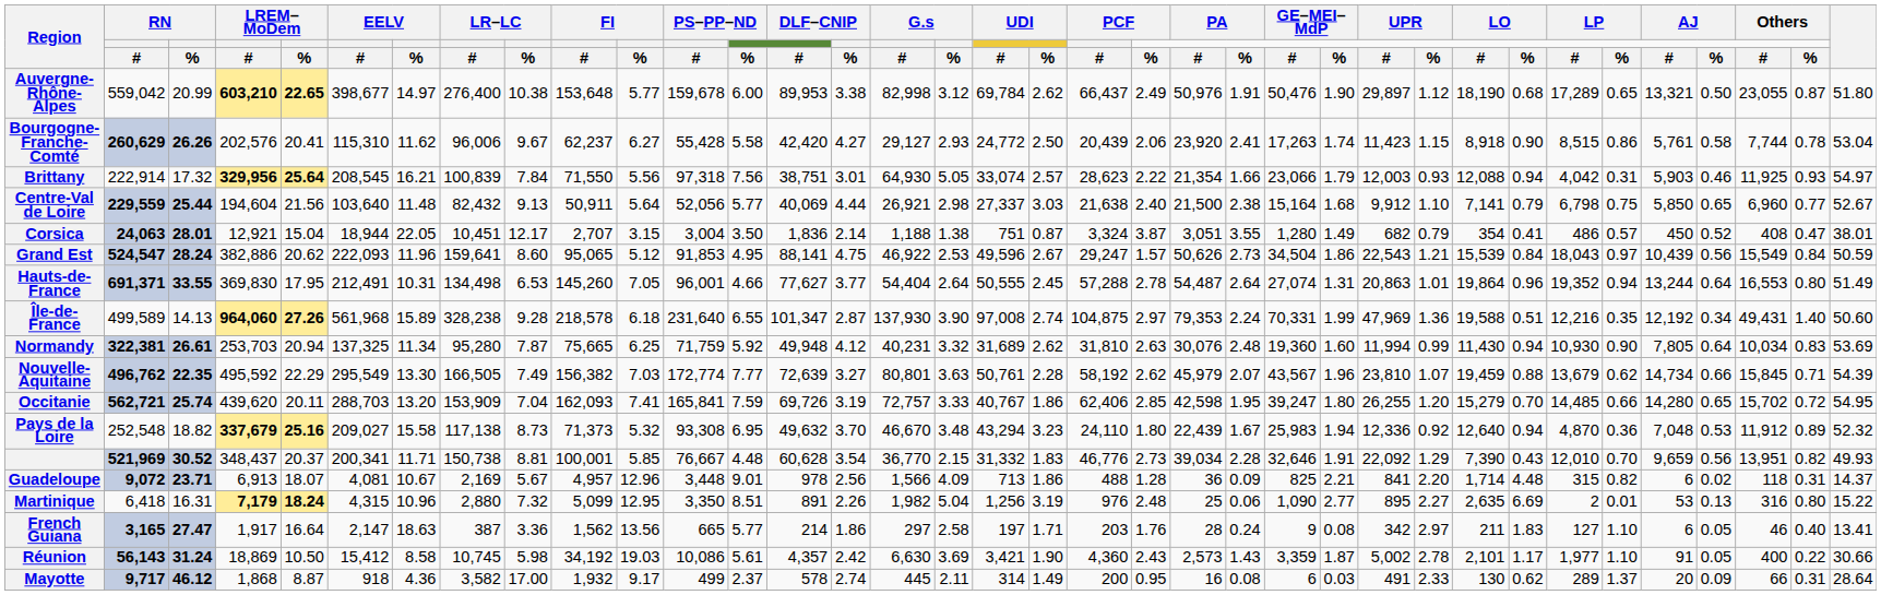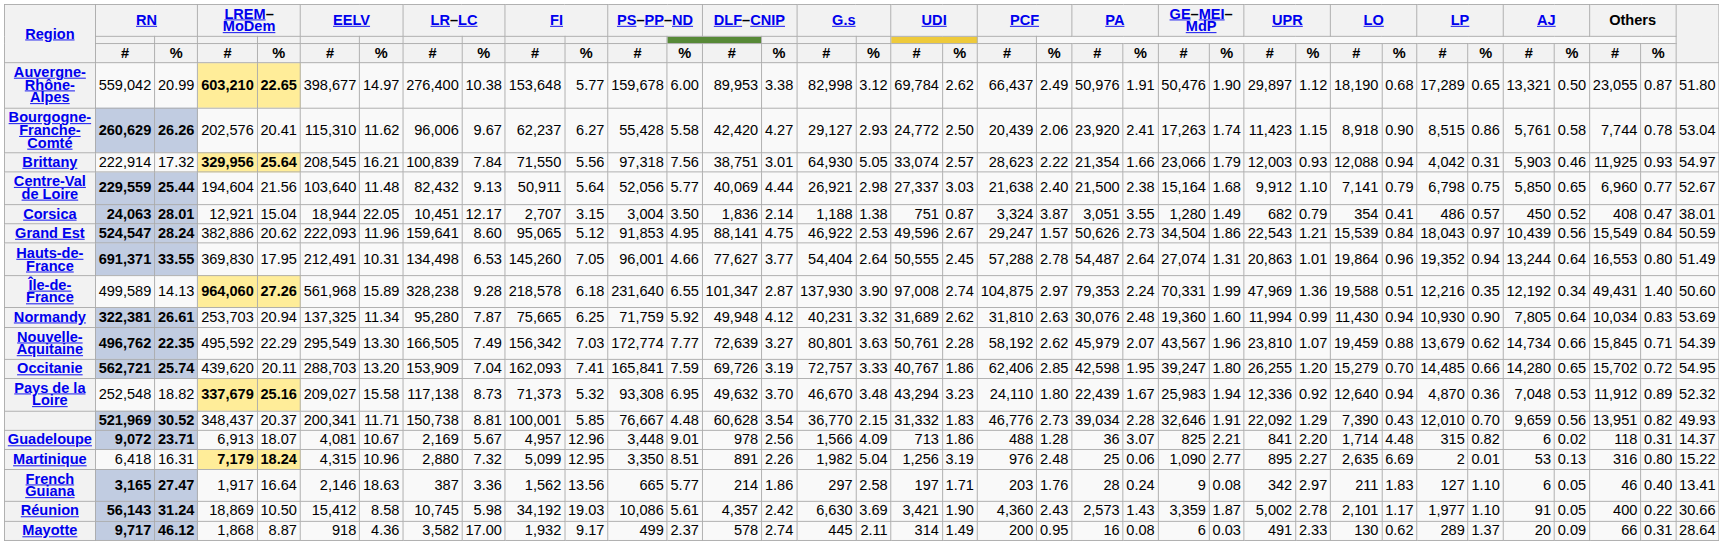 <table class="wikitable sortable collapsible" style="text-align: right; line-height: 14px">
 <tr>
 <th rowspan="3"><a href='#'>Region</a></th>
 <th colspan="2"><a href='#'>RN</a></th>
 <th colspan="2"><a href='#'>LREM</a>–<a href='#'>MoDem</a></th>
 <th colspan="2"><a href='#'>EELV</a></th>
 <th colspan="2"><a href='#'>LR</a>–<a href='#'>LC</a></th>
 <th colspan="2"><a href='#'>FI</a></th>
 <th colspan="2"><a href='#'>PS</a>–<a href='#'>PP</a>–<a href='#'>ND</a></th>
 <th colspan="2"><a href='#'>DLF</a>–<a href='#'>CNIP</a></th>
 <th colspan="2"><a href='#'>G.s</a></th>
 <th colspan="2"><a href='#'>UDI</a></th>
 <th colspan="2"><a href='#'>PCF</a></th>
 <th colspan="2"><a href='#'>PA</a></th>
 <th colspan="2"><a href='#'>GE</a>–<a href='#'>MEI</a>–<a href='#'>MdP</a></th>
 <th colspan="2"><a href='#'>UPR</a></th>
 <th colspan="2"><a href='#'>LO</a></th>
 <th colspan="2"><a href='#'>LP</a></th>
 <th colspan="2"><a href='#'>AJ</a></th>
 <th colspan="2">Others</th>
 <th rowspan="3"></th>
 </tr>
 <tr>
 <th style="background:"></th>
 <th style="background:"></th>
 <th style="background:"></th>
 <th style="background:"></th>
 <th style="background:"></th>
 <th style="background:"></th>
 <th style="background:"></th>
 <th style="background:"></th>
 <th style="background:"></th>
 <th style="background:"></th>
 <th style="background:"></th>
 <th style="background:#578937;" colspan="2"></th>
 <th style="background:"></th>
 <th style="background:"></th>
 <th style="background:"></th>
 <th style="background:#EECA3B;" colspan="2"></th>
 <th style="background:"></th>
 </tr>
 <tr>
 <th>#</th>
 <th>%</th>
 <th>#</th>
 <th>%</th>
 <th>#</th>
 <th>%</th>
 <th>#</th>
 <th>%</th>
 <th>#</th>
 <th>%</th>
 <th>#</th>
 <th>%</th>
 <th>#</th>
 <th>%</th>
 <th>#</th>
 <th>%</th>
 <th>#</th>
 <th>%</th>
 <th>#</th>
 <th>%</th>
 <th>#</th>
 <th>%</th>
 <th>#</th>
 <th>%</th>
 <th>#</th>
 <th>%</th>
 <th>#</th>
 <th>%</th>
 <th>#</th>
 <th>%</th>
 <th>#</th>
 <th>%</th>
 <th>#</th>
 <th>%</th>
 </tr>
 <tr>
 <th><a href='#'>Auvergne-Rhône-Alpes</a></th>
 <td>559,042</td>
 <td>20.99</td>
 <td style="background:#FFED99;"><strong>603,210</strong></td>
 <td style="background:#FFED99;"><strong>22.65</strong></td>
 <td>398,677</td>
 <td>14.97</td>
 <td>276,400</td>
 <td>10.38</td>
 <td>153,648</td>
 <td>5.77</td>
 <td>159,678</td>
 <td>6.00</td>
 <td>89,953</td>
 <td>3.38</td>
 <td>82,998</td>
 <td>3.12</td>
 <td>69,784</td>
 <td>2.62</td>
 <td>66,437</td>
 <td>2.49</td>
 <td>50,976</td>
 <td>1.91</td>
 <td>50,476</td>
 <td>1.90</td>
 <td>29,897</td>
 <td>1.12</td>
 <td>18,190</td>
 <td>0.68</td>
 <td>17,289</td>
 <td>0.65</td>
 <td>13,321</td>
 <td>0.50</td>
 <td>23,055</td>
 <td>0.87</td>
 <td>51.80</td>
 </tr>
 <tr>
 <th><a href='#'>Bourgogne-Franche-Comté</a></th>
 <td style="background:#C1CCE1;"><strong>260,629</strong></td>
 <td style="background:#C1CCE1;"><strong>26.26</strong></td>
 <td>202,576</td>
 <td>20.41</td>
 <td>115,310</td>
 <td>11.62</td>
 <td>96,006</td>
 <td>9.67</td>
 <td>62,237</td>
 <td>6.27</td>
 <td>55,428</td>
 <td>5.58</td>
 <td>42,420</td>
 <td>4.27</td>
 <td>29,127</td>
 <td>2.93</td>
 <td>24,772</td>
 <td>2.50</td>
 <td>20,439</td>
 <td>2.06</td>
 <td>23,920</td>
 <td>2.41</td>
 <td>17,263</td>
 <td>1.74</td>
 <td>11,423</td>
 <td>1.15</td>
 <td>8,918</td>
 <td>0.90</td>
 <td>8,515</td>
 <td>0.86</td>
 <td>5,761</td>
 <td>0.58</td>
 <td>7,744</td>
 <td>0.78</td>
 <td>53.04</td>
 </tr>
 <tr>
 <th><a href='#'>Brittany</a></th>
 <td>222,914</td>
 <td>17.32</td>
 <td style="background:#FFED99;"><strong>329,956</strong></td>
 <td style="background:#FFED99;"><strong>25.64</strong></td>
 <td>208,545</td>
 <td>16.21</td>
 <td>100,839</td>
 <td>7.84</td>
 <td>71,550</td>
 <td>5.56</td>
 <td>97,318</td>
 <td>7.56</td>
 <td>38,751</td>
 <td>3.01</td>
 <td>64,930</td>
 <td>5.05</td>
 <td>33,074</td>
 <td>2.57</td>
 <td>28,623</td>
 <td>2.22</td>
 <td>21,354</td>
 <td>1.66</td>
 <td>23,066</td>
 <td>1.79</td>
 <td>12,003</td>
 <td>0.93</td>
 <td>12,088</td>
 <td>0.94</td>
 <td>4,042</td>
 <td>0.31</td>
 <td>5,903</td>
 <td>0.46</td>
 <td>11,925</td>
 <td>0.93</td>
 <td>54.97</td>
 </tr>
 <tr>
 <th><a href='#'>Centre-Val de Loire</a></th>
 <td style="background:#C1CCE1;"><strong>229,559</strong></td>
 <td style="background:#C1CCE1;"><strong>25.44</strong></td>
 <td>194,604</td>
 <td>21.56</td>
 <td>103,640</td>
 <td>11.48</td>
 <td>82,432</td>
 <td>9.13</td>
 <td>50,911</td>
 <td>5.64</td>
 <td>52,056</td>
 <td>5.77</td>
 <td>40,069</td>
 <td>4.44</td>
 <td>26,921</td>
 <td>2.98</td>
 <td>27,337</td>
 <td>3.03</td>
 <td>21,638</td>
 <td>2.40</td>
 <td>21,500</td>
 <td>2.38</td>
 <td>15,164</td>
 <td>1.68</td>
 <td>9,912</td>
 <td>1.10</td>
 <td>7,141</td>
 <td>0.79</td>
 <td>6,798</td>
 <td>0.75</td>
 <td>5,850</td>
 <td>0.65</td>
 <td>6,960</td>
 <td>0.77</td>
 <td>52.67</td>
 </tr>
 <tr>
 <th><a href='#'>Corsica</a></th>
 <td style="background:#C1CCE1;"><strong>24,063</strong></td>
 <td style="background:#C1CCE1;"><strong>28.01</strong></td>
 <td>12,921</td>
 <td>15.04</td>
 <td>18,944</td>
 <td>22.05</td>
 <td>10,451</td>
 <td>12.17</td>
 <td>2,707</td>
 <td>3.15</td>
 <td>3,004</td>
 <td>3.50</td>
 <td>1,836</td>
 <td>2.14</td>
 <td>1,188</td>
 <td>1.38</td>
 <td>751</td>
 <td>0.87</td>
 <td>3,324</td>
 <td>3.87</td>
 <td>3,051</td>
 <td>3.55</td>
 <td>1,280</td>
 <td>1.49</td>
 <td>682</td>
 <td>0.79</td>
 <td>354</td>
 <td>0.41</td>
 <td>486</td>
 <td>0.57</td>
 <td>450</td>
 <td>0.52</td>
 <td>408</td>
 <td>0.47</td>
 <td>38.01</td>
 </tr>
 <tr>
 <th><a href='#'>Grand Est</a></th>
 <td style="background:#C1CCE1;"><strong>524,547</strong></td>
 <td style="background:#C1CCE1;"><strong>28.24</strong></td>
 <td>382,886</td>
 <td>20.62</td>
 <td>222,093</td>
 <td>11.96</td>
 <td>159,641</td>
 <td>8.60</td>
 <td>95,065</td>
 <td>5.12</td>
 <td>91,853</td>
 <td>4.95</td>
 <td>88,141</td>
 <td>4.75</td>
 <td>46,922</td>
 <td>2.53</td>
 <td>49,596</td>
 <td>2.67</td>
 <td>29,247</td>
 <td>1.57</td>
 <td>50,626</td>
 <td>2.73</td>
 <td>34,504</td>
 <td>1.86</td>
 <td>22,543</td>
 <td>1.21</td>
 <td>15,539</td>
 <td>0.84</td>
 <td>18,043</td>
 <td>0.97</td>
 <td>10,439</td>
 <td>0.56</td>
 <td>15,549</td>
 <td>0.84</td>
 <td>50.59</td>
 </tr>
 <tr>
 <th><a href='#'>Hauts-de-France</a></th>
 <td style="background:#C1CCE1;"><strong>691,371</strong></td>
 <td style="background:#C1CCE1;"><strong>33.55</strong></td>
 <td>369,830</td>
 <td>17.95</td>
 <td>212,491</td>
 <td>10.31</td>
 <td>134,498</td>
 <td>6.53</td>
 <td>145,260</td>
 <td>7.05</td>
 <td>96,001</td>
 <td>4.66</td>
 <td>77,627</td>
 <td>3.77</td>
 <td>54,404</td>
 <td>2.64</td>
 <td>50,555</td>
 <td>2.45</td>
 <td>57,288</td>
 <td>2.78</td>
 <td>54,487</td>
 <td>2.64</td>
 <td>27,074</td>
 <td>1.31</td>
 <td>20,863</td>
 <td>1.01</td>
 <td>19,864</td>
 <td>0.96</td>
 <td>19,352</td>
 <td>0.94</td>
 <td>13,244</td>
 <td>0.64</td>
 <td>16,553</td>
 <td>0.80</td>
 <td>51.49</td>
 </tr>
 <tr>
 <th><a href='#'>Île-de-France</a></th>
 <td>499,589</td>
 <td>14.13</td>
 <td style="background:#FFED99;"><strong>964,060</strong></td>
 <td style="background:#FFED99;"><strong>27.26</strong></td>
 <td>561,968</td>
 <td>15.89</td>
 <td>328,238</td>
 <td>9.28</td>
 <td>218,578</td>
 <td>6.18</td>
 <td>231,640</td>
 <td>6.55</td>
 <td>101,347</td>
 <td>2.87</td>
 <td>137,930</td>
 <td>3.90</td>
 <td>97,008</td>
 <td>2.74</td>
 <td>104,875</td>
 <td>2.97</td>
 <td>79,353</td>
 <td>2.24</td>
 <td>70,331</td>
 <td>1.99</td>
 <td>47,969</td>
 <td>1.36</td>
 <td>19,588</td>
 <td>0.51</td>
 <td>12,216</td>
 <td>0.35</td>
 <td>12,192</td>
 <td>0.34</td>
 <td>49,431</td>
 <td>1.40</td>
 <td>50.60</td>
 </tr>
 <tr>
 <th><a href='#'>Normandy</a></th>
 <td style="background:#C1CCE1;"><strong>322,381</strong></td>
 <td style="background:#C1CCE1;"><strong>26.61</strong></td>
 <td>253,703</td>
 <td>20.94</td>
 <td>137,325</td>
 <td>11.34</td>
 <td>95,280</td>
 <td>7.87</td>
 <td>75,665</td>
 <td>6.25</td>
 <td>71,759</td>
 <td>5.92</td>
 <td>49,948</td>
 <td>4.12</td>
 <td>40,231</td>
 <td>3.32</td>
 <td>31,689</td>
 <td>2.62</td>
 <td>31,810</td>
 <td>2.63</td>
 <td>30,076</td>
 <td>2.48</td>
 <td>19,360</td>
 <td>1.60</td>
 <td>11,994</td>
 <td>0.99</td>
 <td>11,430</td>
 <td>0.94</td>
 <td>10,930</td>
 <td>0.90</td>
 <td>7,805</td>
 <td>0.64</td>
 <td>10,034</td>
 <td>0.83</td>
 <td>53.69</td>
 </tr>
 <tr>
 <th><a href='#'>Nouvelle-Aquitaine</a></th>
 <td style="background:#C1CCE1;"><strong>496,762</strong></td>
 <td style="background:#C1CCE1;"><strong>22.35</strong></td>
 <td>495,592</td>
 <td>22.29</td>
 <td>295,549</td>
 <td>13.30</td>
 <td>166,505</td>
 <td>7.49</td>
-<td>156,382</td>
+<td>156,342</td>
 <td>7.03</td>
 <td>172,774</td>
 <td>7.77</td>
 <td>72,639</td>
 <td>3.27</td>
 <td>80,801</td>
 <td>3.63</td>
 <td>50,761</td>
 <td>2.28</td>
 <td>58,192</td>
 <td>2.62</td>
 <td>45,979</td>
 <td>2.07</td>
 <td>43,567</td>
 <td>1.96</td>
 <td>23,810</td>
 <td>1.07</td>
 <td>19,459</td>
 <td>0.88</td>
 <td>13,679</td>
 <td>0.62</td>
 <td>14,734</td>
 <td>0.66</td>
 <td>15,845</td>
 <td>0.71</td>
 <td>54.39</td>
 </tr>
 <tr>
 <th><a href='#'>Occitanie</a></th>
 <td style="background:#C1CCE1;"><strong>562,721</strong></td>
 <td style="background:#C1CCE1;"><strong>25.74</strong></td>
 <td>439,620</td>
 <td>20.11</td>
 <td>288,703</td>
 <td>13.20</td>
 <td>153,909</td>
 <td>7.04</td>
 <td>162,093</td>
 <td>7.41</td>
 <td>165,841</td>
 <td>7.59</td>
 <td>69,726</td>
 <td>3.19</td>
 <td>72,757</td>
 <td>3.33</td>
 <td>40,767</td>
 <td>1.86</td>
 <td>62,406</td>
 <td>2.85</td>
 <td>42,598</td>
 <td>1.95</td>
 <td>39,247</td>
 <td>1.80</td>
 <td>26,255</td>
 <td>1.20</td>
 <td>15,279</td>
 <td>0.70</td>
 <td>14,485</td>
 <td>0.66</td>
 <td>14,280</td>
 <td>0.65</td>
 <td>15,702</td>
 <td>0.72</td>
 <td>54.95</td>
 </tr>
 <tr>
 <th><a href='#'>Pays de la Loire</a></th>
 <td>252,548</td>
 <td>18.82</td>
 <td style="background:#FFED99;"><strong>337,679</strong></td>
 <td style="background:#FFED99;"><strong>25.16</strong></td>
 <td>209,027</td>
 <td>15.58</td>
 <td>117,138</td>
 <td>8.73</td>
 <td>71,373</td>
 <td>5.32</td>
 <td>93,308</td>
 <td>6.95</td>
 <td>49,632</td>
 <td>3.70</td>
 <td>46,670</td>
 <td>3.48</td>
 <td>43,294</td>
 <td>3.23</td>
 <td>24,110</td>
 <td>1.80</td>
 <td>22,439</td>
 <td>1.67</td>
 <td>25,983</td>
 <td>1.94</td>
 <td>12,336</td>
 <td>0.92</td>
 <td>12,640</td>
 <td>0.94</td>
 <td>4,870</td>
 <td>0.36</td>
 <td>7,048</td>
 <td>0.53</td>
 <td>11,912</td>
 <td>0.89</td>
 <td>52.32</td>
 </tr>
 <tr>
 <th></th>
 <td style="background:#C1CCE1;"><strong>521,969</strong></td>
 <td style="background:#C1CCE1;"><strong>30.52</strong></td>
 <td>348,437</td>
 <td>20.37</td>
 <td>200,341</td>
 <td>11.71</td>
 <td>150,738</td>
 <td>8.81</td>
 <td>100,001</td>
 <td>5.85</td>
 <td>76,667</td>
 <td>4.48</td>
 <td>60,628</td>
 <td>3.54</td>
 <td>36,770</td>
 <td>2.15</td>
 <td>31,332</td>
 <td>1.83</td>
 <td>46,776</td>
 <td>2.73</td>
 <td>39,034</td>
 <td>2.28</td>
 <td>32,646</td>
 <td>1.91</td>
 <td>22,092</td>
 <td>1.29</td>
 <td>7,390</td>
 <td>0.43</td>
 <td>12,010</td>
 <td>0.70</td>
 <td>9,659</td>
 <td>0.56</td>
 <td>13,951</td>
 <td>0.82</td>
 <td>49.93</td>
 </tr>
 <tr>
 <th><a href='#'>Guadeloupe</a></th>
 <td style="background:#C1CCE1;"><strong>9,072</strong></td>
 <td style="background:#C1CCE1;"><strong>23.71</strong></td>
 <td>6,913</td>
 <td>18.07</td>
 <td>4,081</td>
 <td>10.67</td>
 <td>2,169</td>
 <td>5.67</td>
 <td>4,957</td>
 <td>12.96</td>
 <td>3,448</td>
 <td>9.01</td>
 <td>978</td>
 <td>2.56</td>
 <td>1,566</td>
 <td>4.09</td>
 <td>713</td>
 <td>1.86</td>
 <td>488</td>
 <td>1.28</td>
 <td>36</td>
-<td>0.09</td>
+<td>3.07</td>
 <td>825</td>
 <td>2.21</td>
 <td>841</td>
 <td>2.20</td>
 <td>1,714</td>
 <td>4.48</td>
 <td>315</td>
 <td>0.82</td>
 <td>6</td>
 <td>0.02</td>
 <td>118</td>
 <td>0.31</td>
 <td>14.37</td>
 </tr>
 <tr>
 <th><a href='#'>Martinique</a></th>
 <td>6,418</td>
 <td>16.31</td>
 <td style="background:#FFED99;"><strong>7,179</strong></td>
 <td style="background:#FFED99;"><strong>18.24</strong></td>
 <td>4,315</td>
 <td>10.96</td>
 <td>2,880</td>
 <td>7.32</td>
 <td>5,099</td>
 <td>12.95</td>
 <td>3,350</td>
 <td>8.51</td>
 <td>891</td>
 <td>2.26</td>
 <td>1,982</td>
 <td>5.04</td>
 <td>1,256</td>
 <td>3.19</td>
 <td>976</td>
 <td>2.48</td>
 <td>25</td>
 <td>0.06</td>
 <td>1,090</td>
 <td>2.77</td>
 <td>895</td>
 <td>2.27</td>
 <td>2,635</td>
 <td>6.69</td>
 <td>2</td>
 <td>0.01</td>
 <td>53</td>
 <td>0.13</td>
 <td>316</td>
 <td>0.80</td>
 <td>15.22</td>
 </tr>
 <tr>
 <th><a href='#'>French Guiana</a></th>
 <td style="background:#C1CCE1;"><strong>3,165</strong></td>
 <td style="background:#C1CCE1;"><strong>27.47</strong></td>
 <td>1,917</td>
 <td>16.64</td>
-<td>2,147</td>
+<td>2,146</td>
 <td>18.63</td>
 <td>387</td>
 <td>3.36</td>
 <td>1,562</td>
 <td>13.56</td>
 <td>665</td>
 <td>5.77</td>
 <td>214</td>
 <td>1.86</td>
 <td>297</td>
 <td>2.58</td>
 <td>197</td>
 <td>1.71</td>
 <td>203</td>
 <td>1.76</td>
 <td>28</td>
 <td>0.24</td>
 <td>9</td>
 <td>0.08</td>
 <td>342</td>
 <td>2.97</td>
 <td>211</td>
 <td>1.83</td>
 <td>127</td>
 <td>1.10</td>
 <td>6</td>
 <td>0.05</td>
 <td>46</td>
 <td>0.40</td>
 <td>13.41</td>
 </tr>
 <tr>
 <th><a href='#'>Réunion</a></th>
 <td style="background:#C1CCE1;"><strong>56,143</strong></td>
 <td style="background:#C1CCE1;"><strong>31.24</strong></td>
 <td>18,869</td>
 <td>10.50</td>
 <td>15,412</td>
 <td>8.58</td>
 <td>10,745</td>
 <td>5.98</td>
 <td>34,192</td>
 <td>19.03</td>
 <td>10,086</td>
 <td>5.61</td>
 <td>4,357</td>
 <td>2.42</td>
 <td>6,630</td>
 <td>3.69</td>
 <td>3,421</td>
 <td>1.90</td>
 <td>4,360</td>
 <td>2.43</td>
 <td>2,573</td>
 <td>1.43</td>
 <td>3,359</td>
 <td>1.87</td>
 <td>5,002</td>
 <td>2.78</td>
 <td>2,101</td>
 <td>1.17</td>
 <td>1,977</td>
 <td>1.10</td>
 <td>91</td>
 <td>0.05</td>
 <td>400</td>
 <td>0.22</td>
 <td>30.66</td>
 </tr>
 <tr>
 <th><a href='#'>Mayotte</a></th>
 <td style="background:#C1CCE1;"><strong>9,717</strong></td>
 <td style="background:#C1CCE1;"><strong>46.12</strong></td>
 <td>1,868</td>
 <td>8.87</td>
 <td>918</td>
 <td>4.36</td>
 <td>3,582</td>
 <td>17.00</td>
 <td>1,932</td>
 <td>9.17</td>
 <td>499</td>
 <td>2.37</td>
 <td>578</td>
 <td>2.74</td>
 <td>445</td>
 <td>2.11</td>
 <td>314</td>
 <td>1.49</td>
 <td>200</td>
 <td>0.95</td>
 <td>16</td>
 <td>0.08</td>
 <td>6</td>
 <td>0.03</td>
 <td>491</td>
 <td>2.33</td>
 <td>130</td>
 <td>0.62</td>
 <td>289</td>
 <td>1.37</td>
 <td>20</td>
 <td>0.09</td>
 <td>66</td>
 <td>0.31</td>
 <td>28.64</td>
 </tr>
 </table>
